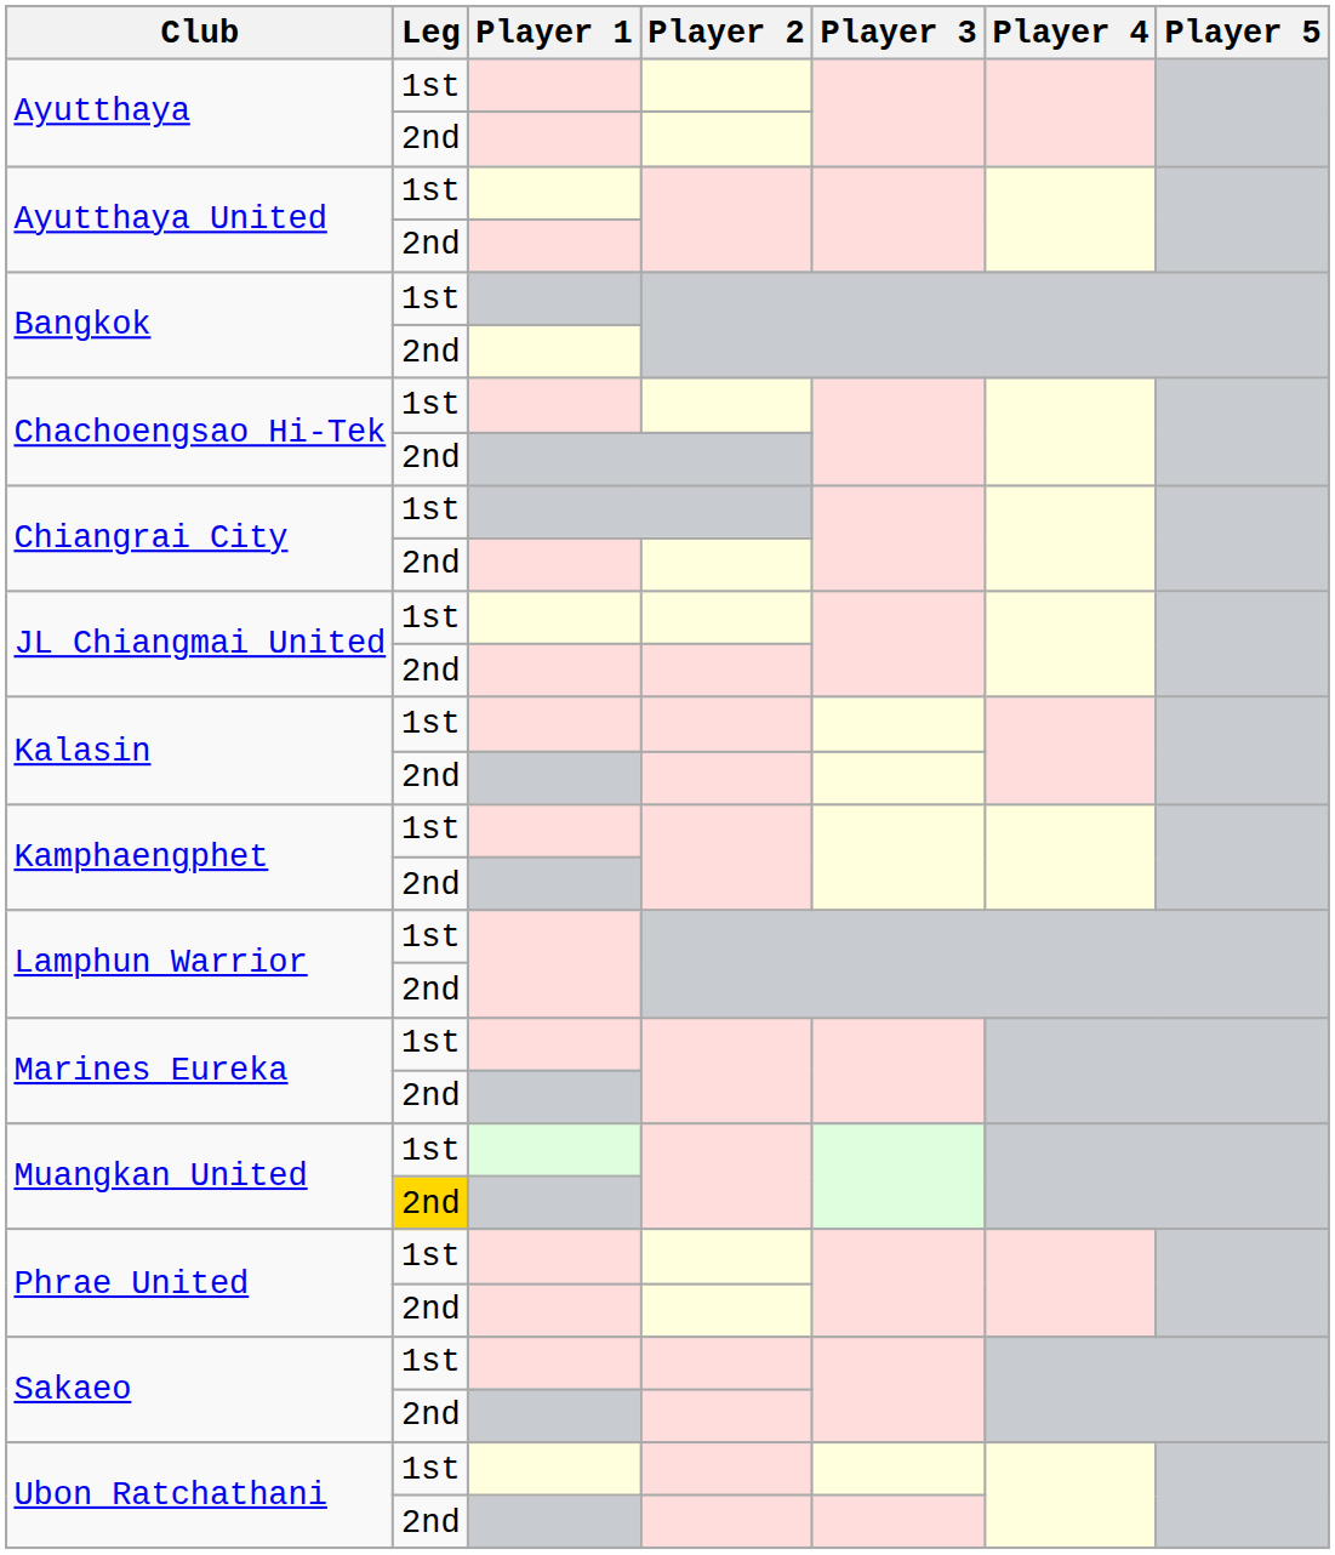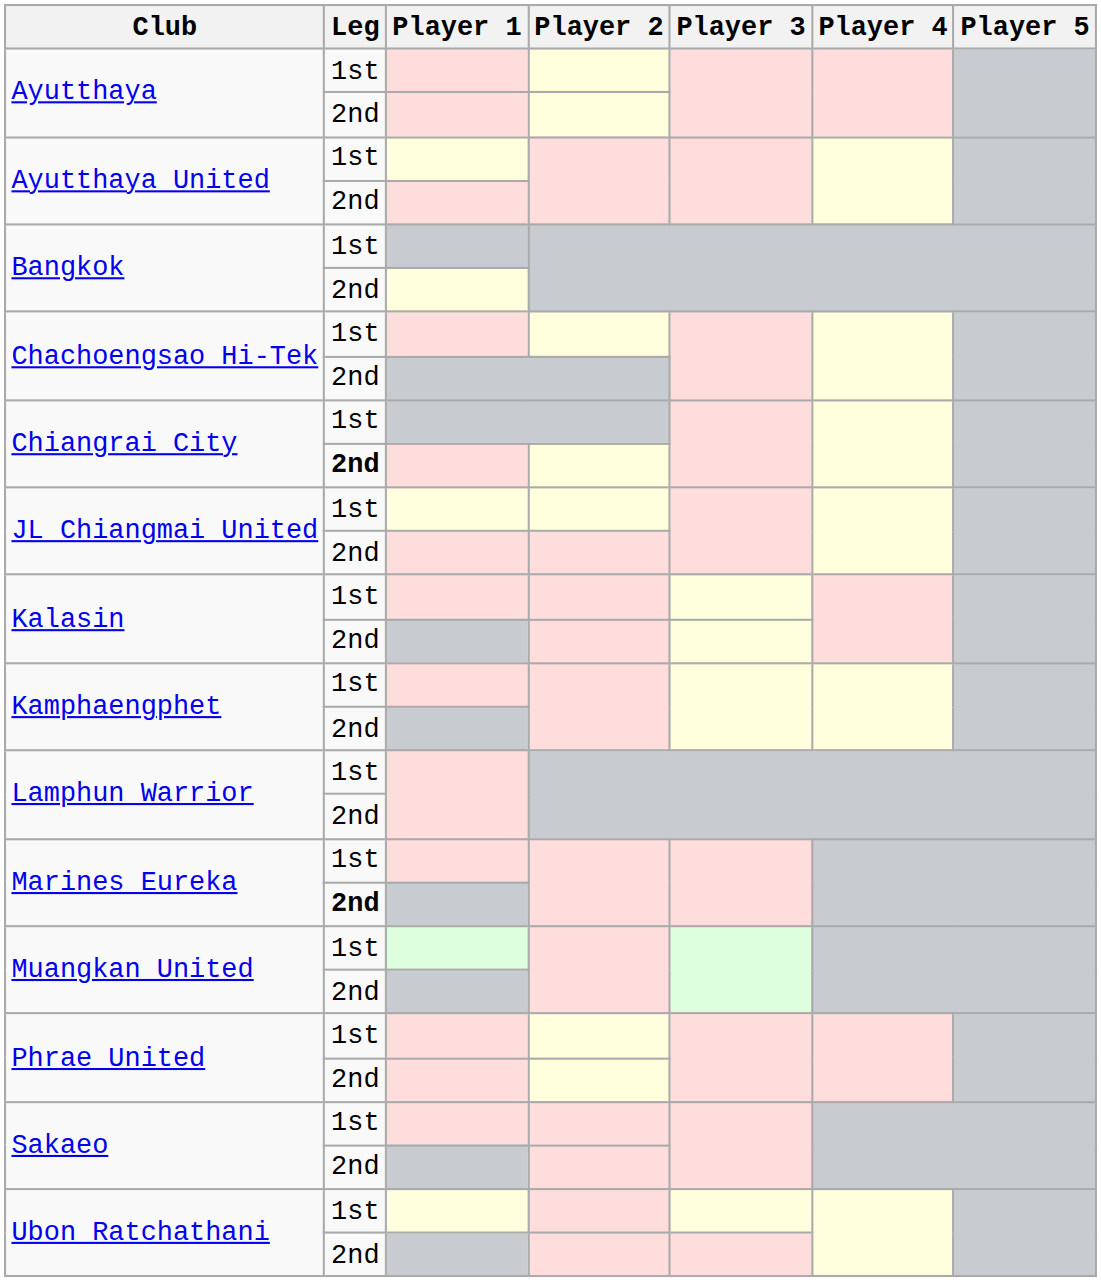 <table class="wikitable" style="text-align:left">
 <tr>
 <th>Club</th>
 <th>Leg</th>
 <th>Player 1</th>
 <th>Player 2</th>
 <th>Player 3</th>
 <th>Player 4</th>
 <th>Player 5</th>
 </tr>
 <tr>
 <td rowspan="2"><a href='#'>Ayutthaya</a></td>
 <td align="center">1st</td>
 <td bgcolor="#ffdddd"></td>
 <td bgcolor="#ffffdd"></td>
 <td bgcolor="#ffdddd" rowspan="2"></td>
 <td bgcolor="#ffdddd" rowspan="2"></td>
 <td bgcolor="#c8ccd1" rowspan="2"></td>
 </tr>
 <tr>
 <td align="center">2nd</td>
 <td bgcolor="#ffdddd"></td>
 <td bgcolor="#ffffdd"></td>
 </tr>
 <tr>
 <td rowspan="2"><a href='#'>Ayutthaya United</a></td>
 <td align="center">1st</td>
 <td bgcolor="#ffffdd"></td>
 <td bgcolor="#ffdddd" rowspan="2"></td>
 <td bgcolor="#ffdddd" rowspan="2"></td>
 <td bgcolor="#ffffdd" rowspan="2"></td>
 <td bgcolor="#c8ccd1" rowspan="2"></td>
 </tr>
 <tr>
 <td align="center">2nd</td>
 <td bgcolor="#ffdddd"></td>
 </tr>
 <tr>
 <td rowspan="2"><a href='#'>Bangkok</a></td>
 <td align="center">1st</td>
 <td bgcolor="#c8ccd1"></td>
 <td bgcolor="#c8ccd1" rowspan="2"  colspan="4"></td>
 </tr>
 <tr>
 <td align="center">2nd</td>
 <td bgcolor="#ffffdd"></td>
 </tr>
 <tr>
 <td rowspan="2"><a href='#'>Chachoengsao Hi-Tek</a></td>
 <td align="center">1st</td>
 <td bgcolor="#ffdddd"></td>
 <td bgcolor="#ffffdd"></td>
 <td bgcolor="#ffdddd" rowspan="2"></td>
 <td bgcolor="#ffffdd" rowspan="2"></td>
 <td bgcolor="#c8ccd1" rowspan="2"></td>
 </tr>
 <tr>
 <td align="center">2nd</td>
 <td bgcolor="#c8ccd1" colspan="2"></td>
 </tr>
 <tr>
 <td rowspan="2"><a href='#'>Chiangrai City</a></td>
 <td align="center">1st</td>
 <td bgcolor="#c8ccd1" colspan="2"></td>
 <td bgcolor="#ffdddd" rowspan="2"></td>
 <td bgcolor="#ffffdd" rowspan="2"></td>
 <td bgcolor="#c8ccd1" rowspan="2"></td>
 </tr>
 <tr>
-<td align="center">2nd</td>
+<td align="center"><strong>2nd</strong></td>
 <td bgcolor="#ffdddd"></td>
 <td bgcolor="#ffffdd"></td>
 </tr>
 <tr>
 <td rowspan="2"><a href='#'>JL Chiangmai United</a></td>
 <td align="center">1st</td>
 <td bgcolor="#ffffdd"></td>
 <td bgcolor="#ffffdd"></td>
 <td bgcolor="#ffdddd" rowspan="2"></td>
 <td bgcolor="#ffffdd" rowspan="2"></td>
 <td bgcolor="#c8ccd1" rowspan="2"></td>
 </tr>
 <tr>
 <td align="center">2nd</td>
 <td bgcolor="#ffdddd"></td>
 <td bgcolor="#ffdddd"></td>
 </tr>
 <tr>
 <td rowspan="2"><a href='#'>Kalasin</a></td>
 <td align="center">1st</td>
 <td bgcolor="#ffdddd"></td>
 <td bgcolor="#ffdddd"></td>
 <td bgcolor="#ffffdd"></td>
 <td bgcolor="#ffdddd" rowspan="2"></td>
 <td bgcolor="#c8ccd1" rowspan="2"></td>
 </tr>
 <tr>
 <td align="center">2nd</td>
 <td bgcolor="#c8ccd1"></td>
 <td bgcolor="#ffdddd"></td>
 <td bgcolor="#ffffdd"></td>
 </tr>
 <tr>
 <td rowspan="2"><a href='#'>Kamphaengphet</a></td>
 <td align="center">1st</td>
 <td bgcolor="#ffdddd"></td>
 <td bgcolor="#ffdddd" rowspan="2"></td>
 <td bgcolor="#ffffdd" rowspan="2"></td>
 <td bgcolor="#ffffdd" rowspan="2"></td>
 <td bgcolor="#c8ccd1" rowspan="2"></td>
 </tr>
 <tr>
 <td align="center">2nd</td>
 <td bgcolor="#c8ccd1"></td>
 </tr>
 <tr>
 <td rowspan="2"><a href='#'>Lamphun Warrior</a></td>
 <td align="center">1st</td>
 <td bgcolor="#ffdddd" rowspan="2"></td>
 <td bgcolor="#c8ccd1" rowspan="2" colspan="4"></td>
 </tr>
 <tr>
 <td align="center">2nd</td>
 </tr>
 <tr>
 <td rowspan="2"><a href='#'>Marines Eureka</a></td>
 <td align="center">1st</td>
 <td bgcolor="#ffdddd"></td>
 <td bgcolor="#ffdddd" rowspan="2"></td>
 <td bgcolor="#ffdddd" rowspan="2"></td>
 <td bgcolor="#c8ccd1" rowspan="2" colspan="2"></td>
 </tr>
 <tr>
-<td align="center">2nd</td>
+<td align="center"><strong>2nd</strong></td>
 <td bgcolor="#c8ccd1"></td>
 </tr>
 <tr>
 <td rowspan="2"><a href='#'>Muangkan United</a></td>
 <td align="center">1st</td>
 <td bgcolor="#ddffdd"></td>
 <td bgcolor="#ffdddd" rowspan="2"></td>
 <td bgcolor="#ddffdd" rowspan="2"></td>
 <td bgcolor="#c8ccd1" rowspan="2" colspan="2"></td>
 </tr>
 <tr>
-<td align="center" style="background: gold;">2nd</td>
+<td align="center">2nd</td>
 <td bgcolor="#c8ccd1"></td>
 </tr>
 <tr>
 <td rowspan="2"><a href='#'>Phrae United</a></td>
 <td align="center">1st</td>
 <td bgcolor="#ffdddd"></td>
 <td bgcolor="#ffffdd"></td>
 <td bgcolor="#ffdddd" rowspan="2"></td>
 <td bgcolor="#ffdddd" rowspan="2"></td>
 <td bgcolor="#c8ccd1" rowspan="2"></td>
 </tr>
 <tr>
 <td align="center">2nd</td>
 <td bgcolor="#ffdddd"></td>
 <td bgcolor="#ffffdd"></td>
 </tr>
 <tr>
 <td rowspan="2"><a href='#'>Sakaeo</a></td>
 <td align="center">1st</td>
 <td bgcolor="#ffdddd"></td>
 <td bgcolor="#ffdddd"></td>
 <td bgcolor="#ffdddd" rowspan="2"></td>
 <td bgcolor="#c8ccd1" rowspan="2" colspan="2"></td>
 </tr>
 <tr>
 <td align="center">2nd</td>
 <td bgcolor="#c8ccd1"></td>
 <td bgcolor="#ffdddd"></td>
 </tr>
 <tr>
 <td rowspan="2"><a href='#'>Ubon Ratchathani</a></td>
 <td align="center">1st</td>
 <td bgcolor="#ffffdd"></td>
 <td bgcolor="#ffdddd"></td>
 <td bgcolor="#ffffdd"></td>
 <td bgcolor="#ffffdd" rowspan="2"></td>
 <td bgcolor="#c8ccd1" rowspan="2"></td>
 </tr>
 <tr>
 <td align="center">2nd</td>
 <td bgcolor="#c8ccd1"></td>
 <td bgcolor="#ffdddd"></td>
 <td bgcolor="#ffdddd"></td>
 </tr>
 </table>
